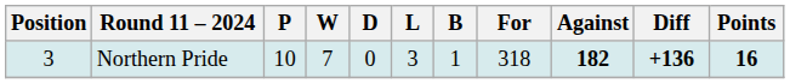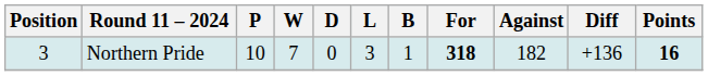 <table class="wikitable" style="text-align:center; font-size:85%;">
 <tr style="background: #d7ebed;">
 <th width="40" abbr="Position">Position</th>
 <th width="100">Round 11 – 2024</th>
 <th width="20" abbr="Played">P</th>
 <th width="20" abbr="Won">W</th>
 <th width="20" abbr="Drawn">D</th>
 <th width="20" abbr="Lost">L</th>
 <th width="20" abbr="Bye">B</th>
 <th width="40" abbr="Points for">For</th>
 <th width="40" abbr="Points against">Against</th>
 <th width="40" abbr="Points difference">Diff</th>
 <th width="40" abbr="Points">Points</th>
 </tr>
 <tr style="background: #d7ebed;">
 <td>3</td>
 <td style="text-align:left;"> Northern Pride</td>
 <td>10</td>
 <td>7</td>
 <td>0</td>
 <td>3</td>
 <td>1</td>
-<td>318</td>
-<td><strong>182</strong></td>
-<td><strong>+136</strong></td>
+<td><strong>318</strong></td>
+<td>182</td>
+<td>+136</td>
 <td><strong>16</strong></td>
 </tr>
 <tr>
 </tr>
 </table>
